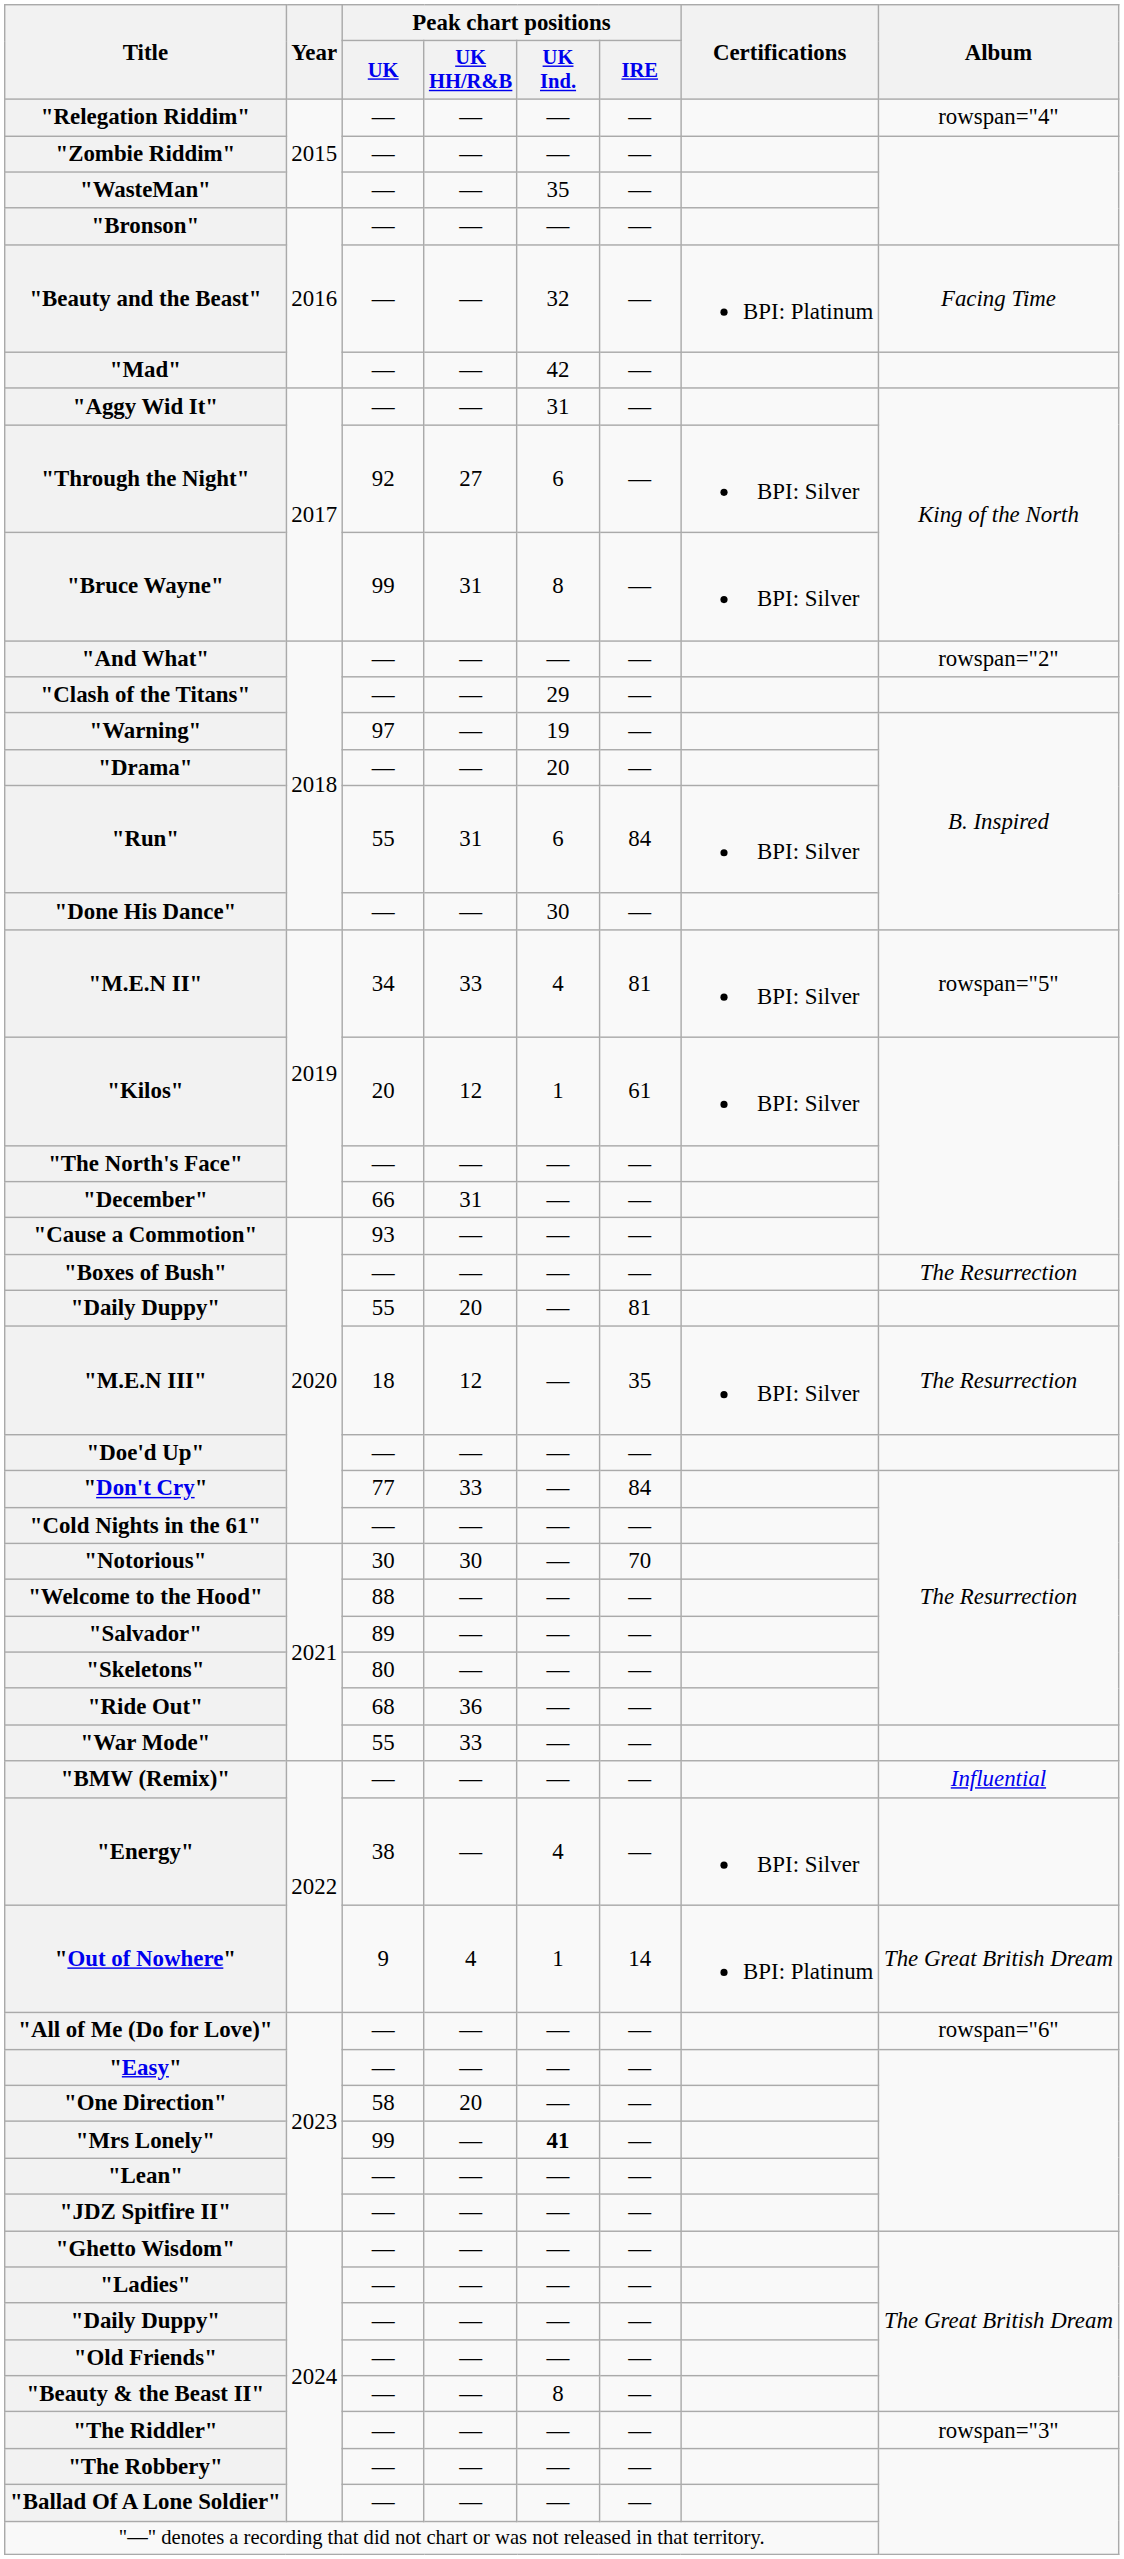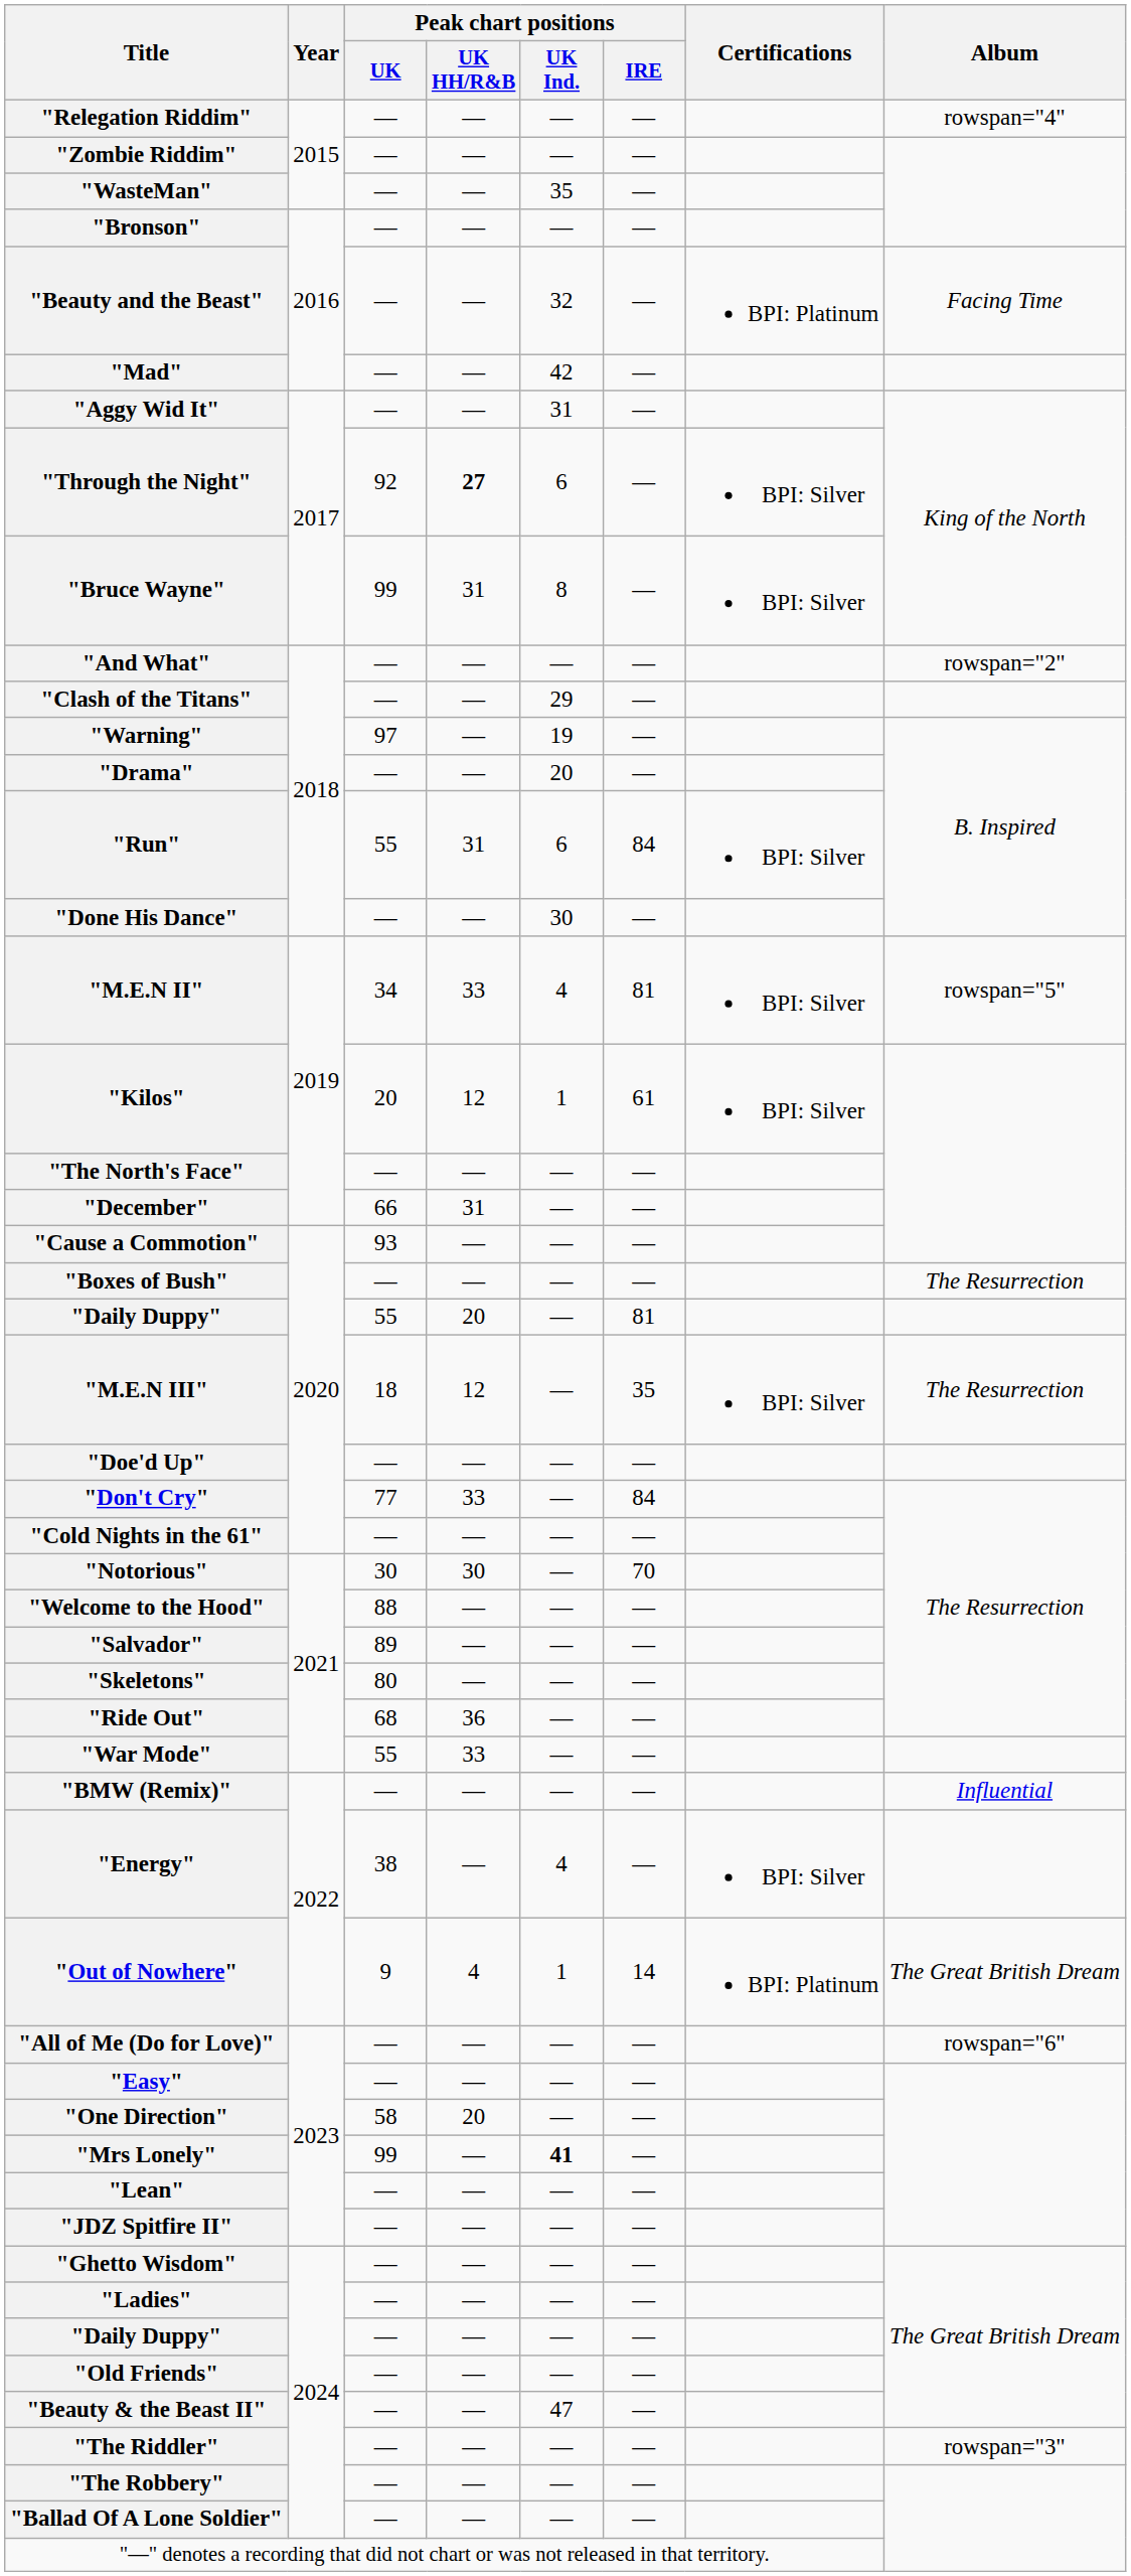 <table class="wikitable plainrowheaders" style="text-align:center;" border="1">
 <tr>
 <th scope="col" rowspan="2">Title</th>
 <th scope="col" rowspan="2">Year</th>
 <th colspan="4">Peak chart positions</th>
 <th scope="col" rowspan="2">Certifications</th>
 <th scope="col" rowspan="2">Album</th>
 </tr>
 <tr>
 <th scope="col" style="width:3.5em;font-size:90%;"><a href='#'>UK</a><br></th>
 <th scope="col" style="width:3.5em;font-size:90%;"><a href='#'>UK<br>HH/R&B</a></th>
 <th scope="col" style="width:3.5em;font-size:90%;"><a href='#'>UK<br>Ind.</a><br></th>
 <th scope="col" style="width:3.5em;font-size:90%;"><a href='#'>IRE</a><br></th>
 </tr>
 <tr>
 <th scope="row">"Relegation Riddim"</th>
 <td rowspan="3">2015</td>
 <td>—</td>
 <td>—</td>
 <td>—</td>
 <td>—</td>
 <td></td>
 <td>rowspan="4" </td>
 </tr>
 <tr>
 <th scope="row">"Zombie Riddim"</th>
 <td>—</td>
 <td>—</td>
 <td>—</td>
 <td>—</td>
 <td></td>
 </tr>
 <tr>
 <th scope="row">"WasteMan"</th>
 <td>—</td>
 <td>—</td>
 <td>35</td>
 <td>—</td>
 <td></td>
 </tr>
 <tr>
 <th scope="row">"Bronson"</th>
 <td rowspan="3">2016</td>
 <td>—</td>
 <td>—</td>
 <td>—</td>
 <td>—</td>
 <td></td>
 </tr>
 <tr>
 <th scope="row">"Beauty and the Beast"</th>
 <td>—</td>
 <td>—</td>
 <td>32</td>
 <td>—</td>
 <td><br><ul><li>BPI: Platinum</li></ul></td>
 <td><em>Facing Time</em></td>
 </tr>
 <tr>
 <th scope="row">"Mad"</th>
 <td>—</td>
 <td>—</td>
 <td>42</td>
 <td>—</td>
 <td></td>
 <td></td>
 </tr>
 <tr>
 <th scope="row">"Aggy Wid It"</th>
 <td rowspan="3">2017</td>
 <td>—</td>
 <td>—</td>
 <td>31</td>
 <td>—</td>
 <td></td>
 <td rowspan="3"><em>King of the North</em></td>
 </tr>
 <tr>
 <th scope="row">"Through the Night"<br></th>
 <td>92</td>
-<td>27</td>
+<td><strong>27</strong></td>
 <td>6</td>
 <td>—</td>
 <td><br><ul><li>BPI: Silver</li></ul></td>
 </tr>
 <tr>
 <th scope="row">"Bruce Wayne"</th>
 <td>99</td>
 <td>31</td>
 <td>8</td>
 <td>—</td>
 <td><br><ul><li>BPI: Silver</li></ul></td>
 </tr>
 <tr>
 <th scope="row">"And What"</th>
 <td rowspan="6">2018</td>
 <td>—</td>
 <td>—</td>
 <td>—</td>
 <td>—</td>
 <td></td>
 <td>rowspan="2" </td>
 </tr>
 <tr>
 <th scope="row">"Clash of the Titans"</th>
 <td>—</td>
 <td>—</td>
 <td>29</td>
 <td>—</td>
 <td></td>
 </tr>
 <tr>
 <th scope="row">"Warning"</th>
 <td>97</td>
 <td>—</td>
 <td>19</td>
 <td>—</td>
 <td></td>
 <td rowspan="4"><em>B. Inspired</em></td>
 </tr>
 <tr>
 <th scope="row">"Drama"</th>
 <td>—</td>
 <td>—</td>
 <td>20</td>
 <td>—</td>
 <td></td>
 </tr>
 <tr>
 <th scope="row">"Run"<br></th>
 <td>55</td>
 <td>31</td>
 <td>6</td>
 <td>84</td>
 <td><br><ul><li>BPI: Silver</li></ul></td>
 </tr>
 <tr>
 <th scope="row">"Done His Dance"</th>
 <td>—</td>
 <td>—</td>
 <td>30</td>
 <td>—</td>
 <td></td>
 </tr>
 <tr>
 <th scope="row">"M.E.N II"</th>
 <td rowspan="4">2019</td>
 <td>34</td>
 <td>33</td>
 <td>4</td>
 <td>81</td>
 <td><br><ul><li>BPI: Silver</li></ul></td>
 <td>rowspan="5" </td>
 </tr>
 <tr>
 <th scope="row">"Kilos"<br></th>
 <td>20</td>
 <td>12</td>
 <td>1</td>
 <td>61</td>
 <td><br><ul><li>BPI: Silver</li></ul></td>
 </tr>
 <tr>
 <th scope="row">"The North's Face"</th>
 <td>—</td>
 <td>—</td>
 <td>—</td>
 <td>—</td>
 <td></td>
 </tr>
 <tr>
 <th scope="row">"December"</th>
 <td>66</td>
 <td>31</td>
 <td>—</td>
 <td>—</td>
 <td></td>
 </tr>
 <tr>
 <th scope="row">"Cause a Commotion"<br></th>
 <td rowspan="7">2020</td>
 <td>93</td>
 <td>—</td>
 <td>—</td>
 <td>—</td>
 <td></td>
 </tr>
 <tr>
 <th scope="row">"Boxes of Bush"</th>
 <td>—</td>
 <td>—</td>
 <td>—</td>
 <td>—</td>
 <td></td>
 <td><em>The Resurrection</em></td>
 </tr>
 <tr>
 <th scope="row">"Daily Duppy"</th>
 <td>55</td>
 <td>20</td>
 <td>—</td>
 <td>81</td>
 <td></td>
 <td></td>
 </tr>
 <tr>
 <th scope="row">"M.E.N III"</th>
 <td>18</td>
 <td>12</td>
 <td>—</td>
 <td>35</td>
 <td><br><ul><li>BPI: Silver</li></ul></td>
 <td><em>The Resurrection</em></td>
 </tr>
 <tr>
 <th scope="row">"Doe'd Up"</th>
 <td>—</td>
 <td>—</td>
 <td>—</td>
 <td>—</td>
 <td></td>
 <td></td>
 </tr>
 <tr>
 <th scope="row">"<a href='#'>Don't Cry</a>"<br></th>
 <td>77</td>
 <td>33</td>
 <td>—</td>
 <td>84</td>
 <td></td>
 <td rowspan="7"><em>The Resurrection</em></td>
 </tr>
 <tr>
 <th scope="row">"Cold Nights in the 61"</th>
 <td>—</td>
 <td>—</td>
 <td>—</td>
 <td>—</td>
 <td></td>
 </tr>
 <tr>
 <th scope="row">"Notorious"<br></th>
 <td rowspan="6">2021</td>
 <td>30</td>
 <td>30</td>
 <td>—</td>
 <td>70</td>
 <td></td>
 </tr>
 <tr>
 <th scope="row">"Welcome to the Hood"<br></th>
 <td>88</td>
 <td>—</td>
 <td>—</td>
 <td>—</td>
 <td></td>
 </tr>
 <tr>
 <th scope="row">"Salvador"</th>
 <td>89</td>
 <td>—</td>
 <td>—</td>
 <td>—</td>
 <td></td>
 </tr>
 <tr>
 <th scope="row">"Skeletons"</th>
 <td>80</td>
 <td>—</td>
 <td>—</td>
 <td>—</td>
 <td></td>
 </tr>
 <tr>
 <th scope="row">"Ride Out"</th>
 <td>68</td>
 <td>36</td>
 <td>—</td>
 <td>—</td>
 <td></td>
 </tr>
 <tr>
 <th scope="row">"War Mode"</th>
 <td>55</td>
 <td>33</td>
 <td>—</td>
 <td>—</td>
 <td></td>
 <td></td>
 </tr>
 <tr>
 <th scope="row">"BMW (Remix)" <br></th>
 <td rowspan="3">2022</td>
 <td>—</td>
 <td>—</td>
 <td>—</td>
 <td>—</td>
 <td></td>
 <td><em><a href='#'>Influential</a></em></td>
 </tr>
 <tr>
 <th scope="row">"Energy"<br></th>
 <td>38</td>
 <td>—</td>
 <td>4</td>
 <td>—</td>
 <td><br><ul><li>BPI: Silver</li></ul></td>
 <td></td>
 </tr>
 <tr>
 <th scope="row">"<a href='#'>Out of Nowhere</a>"<br></th>
 <td>9</td>
 <td>4</td>
 <td>1</td>
 <td>14</td>
 <td><br><ul><li>BPI: Platinum</li></ul></td>
 <td><em>The Great British Dream</em></td>
 </tr>
 <tr>
 <th scope="row">"All of Me (Do for Love)"<br></th>
 <td rowspan="6">2023</td>
 <td>—</td>
 <td>—</td>
 <td>—</td>
 <td>—</td>
 <td></td>
 <td>rowspan="6" </td>
 </tr>
 <tr>
 <th scope="row">"<a href='#'>Easy</a>"<br></th>
 <td>—</td>
 <td>—</td>
 <td>—</td>
 <td>—</td>
 <td></td>
 </tr>
 <tr>
 <th scope="row">"One Direction"<br></th>
 <td>58</td>
 <td>20</td>
 <td>—</td>
 <td>—</td>
 <td></td>
 </tr>
 <tr>
 <th scope="row">"Mrs Lonely"</th>
 <td>99</td>
 <td>—</td>
 <td><strong>41</strong></td>
 <td>—</td>
 <td></td>
 </tr>
 <tr>
 <th scope="row">"Lean"</th>
 <td>—</td>
 <td>—</td>
 <td>—</td>
 <td>—</td>
 <td></td>
 </tr>
 <tr>
 <th scope="row">"JDZ Spitfire II"</th>
 <td>—</td>
 <td>—</td>
 <td>—</td>
 <td>—</td>
 <td></td>
 </tr>
 <tr>
 <th scope="row">"Ghetto Wisdom"</th>
 <td rowspan="8">2024</td>
 <td>—</td>
 <td>—</td>
 <td>—</td>
 <td>—</td>
 <td></td>
 <td rowspan="5"><em>The Great British Dream</em></td>
 </tr>
 <tr>
 <th scope="row">"Ladies"</th>
 <td>—</td>
 <td>—</td>
 <td>—</td>
 <td>—</td>
 <td></td>
 </tr>
 <tr>
 <th scope="row">"Daily Duppy"<br></th>
 <td>—</td>
 <td>—</td>
 <td>—</td>
 <td>—</td>
 <td></td>
 </tr>
 <tr>
 <th scope="row">"Old Friends"</th>
 <td>—</td>
 <td>—</td>
 <td>—</td>
 <td>—</td>
 <td></td>
 </tr>
 <tr>
 <th scope="row">"Beauty & the Beast II"</th>
 <td>—</td>
 <td>—</td>
-<td>8</td>
+<td>47</td>
 <td>—</td>
 <td></td>
 </tr>
 <tr>
 <th scope="row">"The Riddler"</th>
 <td>—</td>
 <td>—</td>
 <td>—</td>
 <td>—</td>
 <td></td>
 <td>rowspan="3" </td>
 </tr>
 <tr>
 <th scope="row">"The Robbery"<br></th>
 <td>—</td>
 <td>—</td>
 <td>—</td>
 <td>—</td>
 <td></td>
 </tr>
 <tr>
 <th scope="row">"Ballad Of A Lone Soldier"</th>
 <td>—</td>
 <td>—</td>
 <td>—</td>
 <td>—</td>
 <td></td>
 </tr>
 <tr>
 <td colspan="7" style="font-size:90%">"—" denotes a recording that did not chart or was not released in that territory.</td>
 </tr>
 </table>
